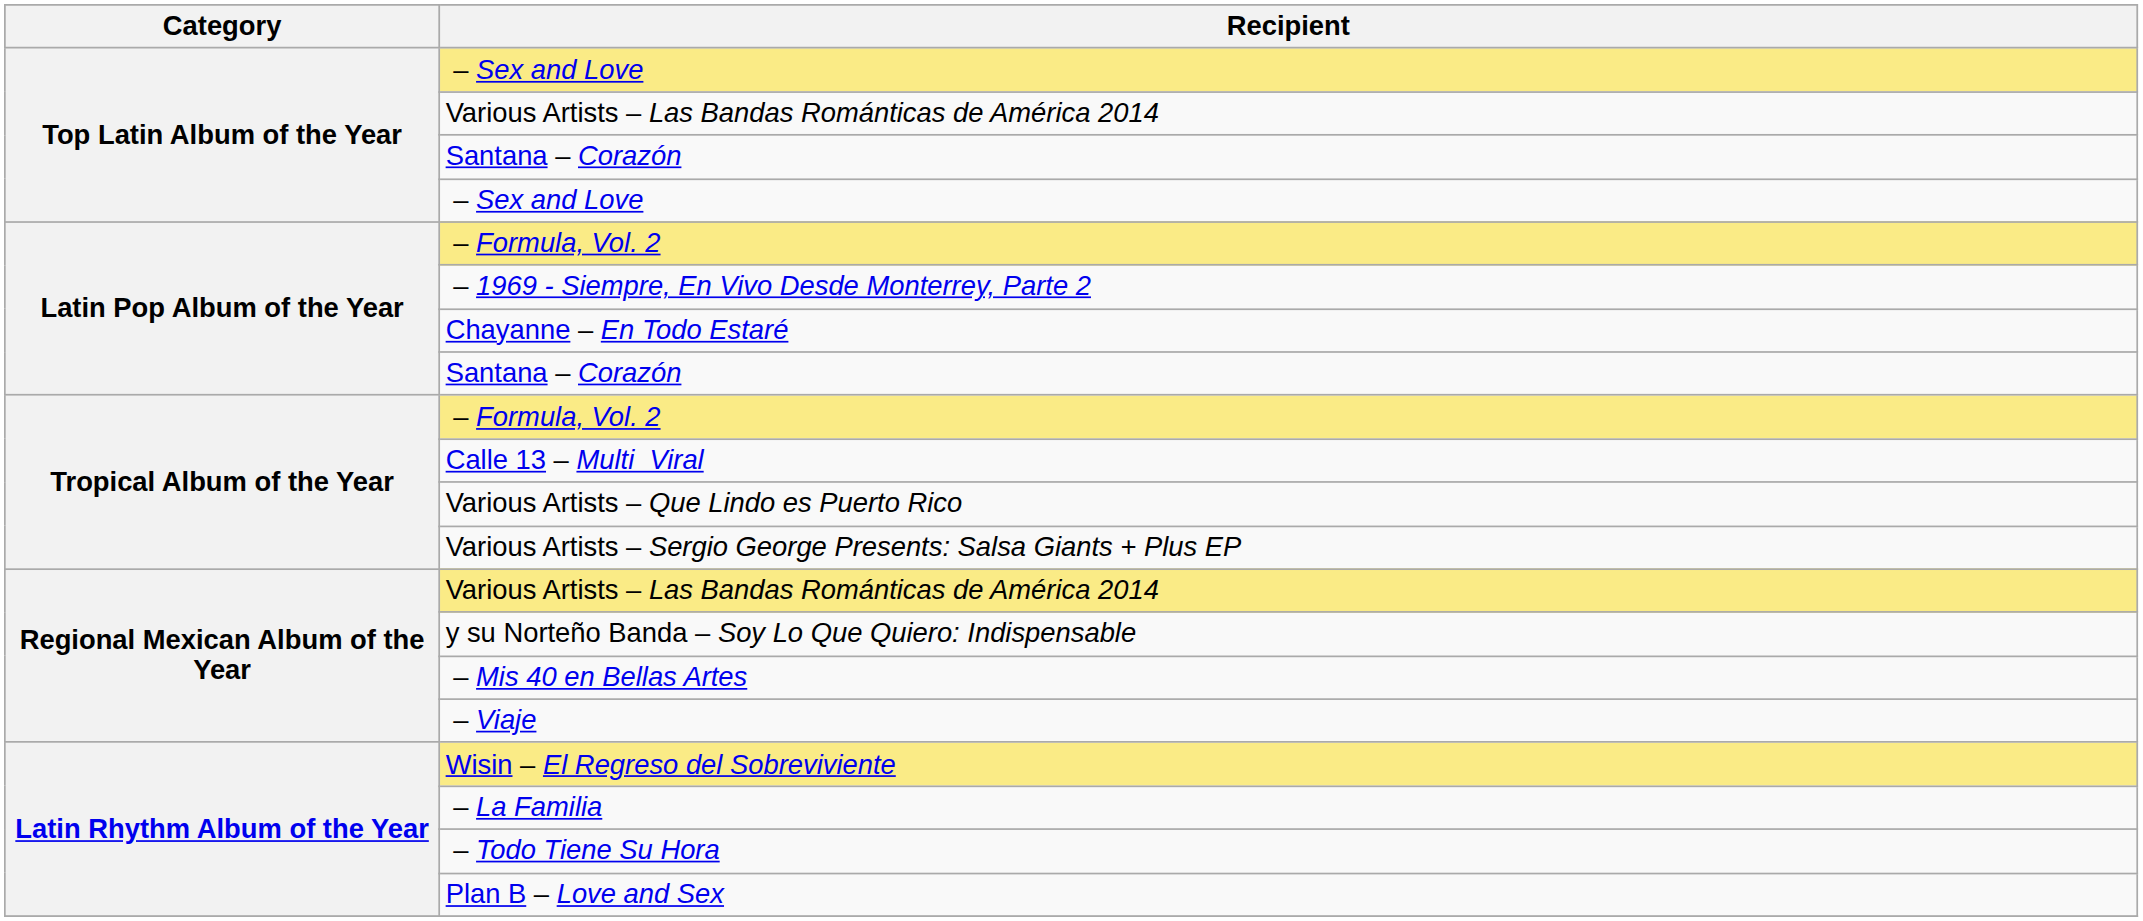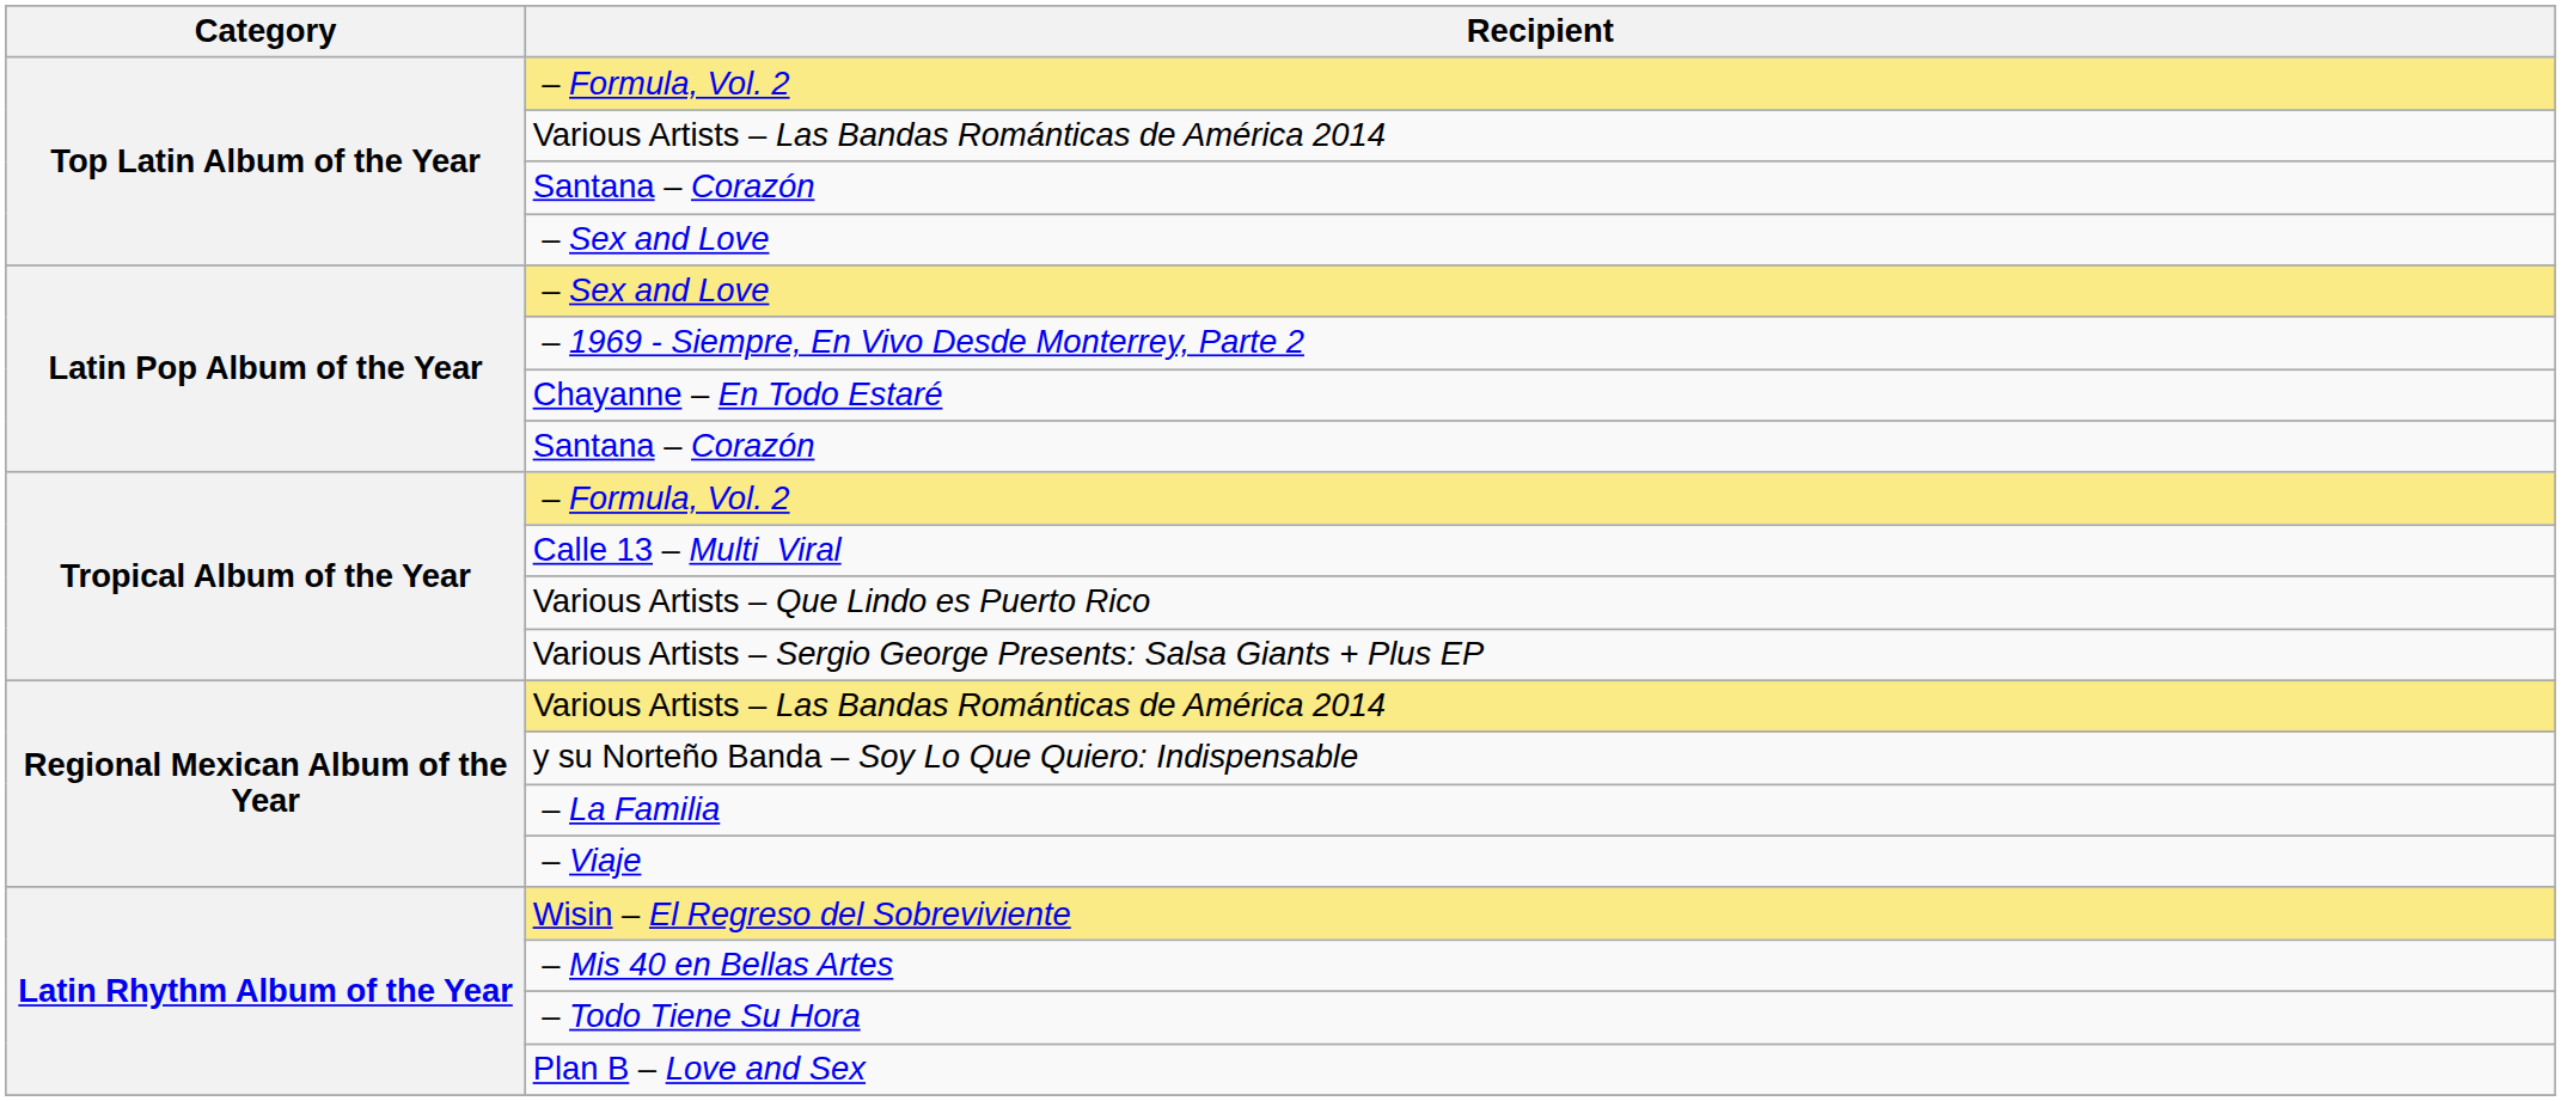 <table class="wikitable sortable">
 <tr style="background:#bebebe;">
 <th scope="col" style="width:1%;">Category</th>
 <th scope="col" style="width:5%;">Recipient</th>
 </tr>
 <tr>
 <th scope="row" rowspan=4 style="text-align:center">Top Latin Album of the Year</th>
-<td style="background:#FAEB86"> – <em><a href='#'>Sex and Love</a></em></td>
+<td style="background:#FAEB86"> – <em><a href='#'>Formula, Vol. 2</a></em></td>
 </tr>
 <tr>
 <td>Various Artists – <em>Las Bandas Románticas de América 2014</em></td>
 </tr>
 <tr>
 <td><a href='#'>Santana</a> – <em><a href='#'>Corazón</a></em></td>
 </tr>
 <tr>
 <td> – <em><a href='#'>Sex and Love</a></em></td>
 </tr>
 <tr>
 <th scope="row" rowspan=4 style="text-align:center">Latin Pop Album of the Year</th>
-<td style="background:#FAEB86"> – <em><a href='#'>Formula, Vol. 2</a></em></td>
+<td style="background:#FAEB86"> – <em><a href='#'>Sex and Love</a></em></td>
 </tr>
 <tr>
 <td> – <em><a href='#'>1969 - Siempre, En Vivo Desde Monterrey, Parte 2</a></em></td>
 </tr>
 <tr>
 <td><a href='#'>Chayanne</a> – <em><a href='#'>En Todo Estaré</a></em></td>
 </tr>
 <tr>
 <td><a href='#'>Santana</a> – <em><a href='#'>Corazón</a></em></td>
 </tr>
 <tr>
 <th scope="row" rowspan=4 style="text-align:center">Tropical Album of the Year</th>
 <td style="background:#FAEB86"> – <em><a href='#'>Formula, Vol. 2</a></em></td>
 </tr>
 <tr>
 <td><a href='#'>Calle 13</a> – <em><a href='#'>Multi_Viral</a></em></td>
 </tr>
 <tr>
 <td>Various Artists – <em>Que Lindo es Puerto Rico</em></td>
 </tr>
 <tr>
 <td>Various Artists – <em>Sergio George Presents: Salsa Giants + Plus EP</em></td>
 </tr>
 <tr>
 <th scope="row" rowspan=4 style="text-align:center">Regional Mexican Album of the Year</th>
 <td style="background:#FAEB86">Various Artists – <em>Las Bandas Románticas de América 2014</em></td>
 </tr>
 <tr>
 <td> y su Norteño Banda – <em>Soy Lo Que Quiero: Indispensable</em></td>
 </tr>
 <tr>
-<td> – <em><a href='#'>Mis 40 en Bellas Artes</a></em></td>
+<td> – <em><a href='#'>La Familia</a></em></td>
 </tr>
 <tr>
 <td> – <em><a href='#'>Viaje</a></em></td>
 </tr>
 <tr>
 <th scope="row" rowspan=4 style="text-align:center"><a href='#'>Latin Rhythm Album of the Year</a></th>
 <td style="background:#FAEB86"><a href='#'>Wisin</a> – <em><a href='#'>El Regreso del Sobreviviente</a></em></td>
 </tr>
 <tr>
-<td> – <em><a href='#'>La Familia</a></em></td>
+<td> – <em><a href='#'>Mis 40 en Bellas Artes</a></em></td>
 </tr>
 <tr>
 <td> – <em><a href='#'>Todo Tiene Su Hora</a></em></td>
 </tr>
 <tr>
 <td><a href='#'>Plan B</a> – <em><a href='#'>Love and Sex</a></em></td>
 </tr>
 <tr>
 </tr>
 </table>
